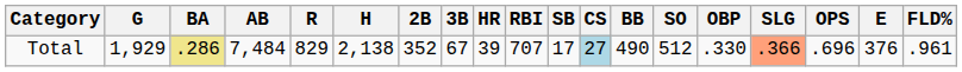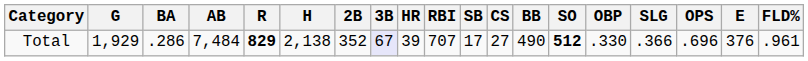 <table class="wikitable" style="font-size:95%; text-align:center;">
 <tr>
 <th>Category</th>
 <th>G</th>
 <th>BA</th>
 <th>AB</th>
 <th>R</th>
 <th>H</th>
 <th>2B</th>
 <th>3B</th>
 <th>HR</th>
 <th>RBI</th>
 <th>SB</th>
 <th>CS</th>
 <th>BB</th>
 <th>SO</th>
 <th>OBP</th>
 <th>SLG</th>
 <th>OPS</th>
 <th>E</th>
 <th>FLD%</th>
 </tr>
 <tr>
 <td>Total</td>
 <td>1,929</td>
-<td style="background: khaki;">.286</td>
+<td>.286</td>
 <td>7,484</td>
-<td>829</td>
+<td><strong>829</strong></td>
 <td>2,138</td>
 <td>352</td>
-<td>67</td>
+<td style="background: lavender;">67</td>
 <td>39</td>
 <td>707</td>
 <td>17</td>
-<td style="background: lightblue;">27</td>
+<td>27</td>
 <td>490</td>
-<td>512</td>
+<td><strong>512</strong></td>
 <td>.330</td>
-<td style="background: lightsalmon;">.366</td>
+<td>.366</td>
 <td>.696</td>
 <td>376</td>
 <td>.961</td>
 </tr>
 </table>
